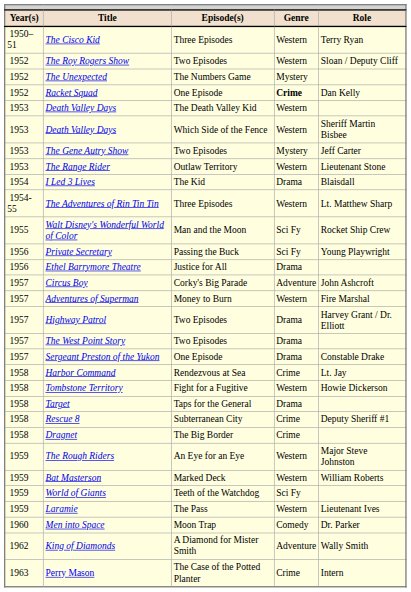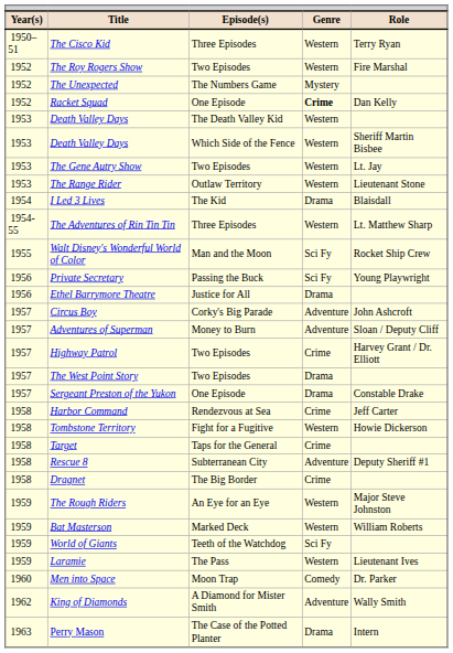 <table class="wikitable sortable mw-collapsible mw-collapsed" style="background:lightyellow; border:2px solid gray;font-size:90%">
 <tr>
 <th colspan="18" style="border:1px solid #808080;background:lightgrey;"></th>
 </tr>
 <tr>
 <th style="border-bottom:2px solid black;border-top:2px solid black;background:#F2E0CE">Year(s)</th>
 <th style="border-bottom:2px solid black;border-top:2px solid black;background:#F2E0CE" class="unsortable">Title</th>
 <th style="border-bottom:2px solid black;border-top:2px solid black;background:#F2E0CE" class="unsortable">Episode(s)</th>
 <th style="border-bottom:2px solid black;border-top:2px solid black;background:#F2E0CE">Genre</th>
 <th style="border-bottom:2px solid black;border-top:2px solid black;background:#F2E0CE" class="unsortable">Role</th>
 </tr>
 <tr>
 <td> 1950–51</td>
 <td><em><a href='#'>The Cisco Kid</a></em></td>
 <td>Three Episodes</td>
 <td>Western</td>
 <td>Terry Ryan</td>
 </tr>
 <tr>
 <td> 1952</td>
 <td><em><a href='#'>The Roy Rogers Show</a></em></td>
 <td>Two Episodes</td>
 <td>Western</td>
-<td>Sloan / Deputy Cliff</td>
+<td>Fire Marshal</td>
 </tr>
 <tr>
 <td> 1952</td>
 <td><em><a href='#'>The Unexpected</a></em></td>
 <td>The Numbers Game</td>
 <td>Mystery</td>
 <td></td>
 </tr>
 <tr>
 <td> 1952</td>
 <td><em><a href='#'>Racket Squad</a></em></td>
 <td>One Episode</td>
 <td><strong>Crime</strong></td>
 <td>Dan Kelly</td>
 </tr>
 <tr>
 <td> 1953</td>
 <td><em><a href='#'>Death Valley Days</a></em></td>
 <td>The Death Valley Kid</td>
 <td>Western</td>
 <td></td>
 </tr>
 <tr>
 <td> 1953</td>
 <td><em><a href='#'>Death Valley Days</a></em></td>
 <td>Which Side of the Fence</td>
 <td>Western</td>
 <td>Sheriff Martin Bisbee</td>
 </tr>
 <tr>
 <td> 1953</td>
 <td><em><a href='#'>The Gene Autry Show</a></em></td>
 <td>Two Episodes</td>
-<td>Mystery</td>
-<td>Jeff Carter</td>
+<td>Western</td>
+<td>Lt. Jay</td>
 </tr>
 <tr>
 <td> 1953</td>
 <td><em><a href='#'>The Range Rider</a></em></td>
 <td>Outlaw Territory</td>
 <td>Western</td>
 <td>Lieutenant Stone</td>
 </tr>
 <tr>
 <td> 1954</td>
 <td><em><a href='#'>I Led 3 Lives</a></em></td>
 <td>The Kid</td>
 <td>Drama</td>
 <td>Blaisdall</td>
 </tr>
 <tr>
 <td> 1954-55</td>
 <td><em><a href='#'>The Adventures of Rin Tin Tin</a></em></td>
 <td>Three Episodes</td>
 <td>Western</td>
 <td>Lt. Matthew Sharp</td>
 </tr>
 <tr>
 <td> 1955</td>
 <td><em><a href='#'>Walt Disney's Wonderful World of Color</a></em></td>
 <td>Man and the Moon</td>
 <td>Sci Fy</td>
 <td>Rocket Ship Crew</td>
 </tr>
 <tr>
 <td> 1956</td>
 <td><em><a href='#'>Private Secretary</a></em></td>
 <td>Passing the Buck</td>
 <td>Sci Fy</td>
 <td>Young Playwright</td>
 </tr>
 <tr>
 <td> 1956</td>
 <td><em><a href='#'>Ethel Barrymore Theatre</a></em></td>
 <td>Justice for All</td>
 <td>Drama</td>
 <td></td>
 </tr>
 <tr>
 <td> 1957</td>
 <td><em><a href='#'>Circus Boy</a></em></td>
 <td>Corky's Big Parade</td>
 <td>Adventure</td>
 <td>John Ashcroft</td>
 </tr>
 <tr>
 <td> 1957</td>
 <td><em><a href='#'>Adventures of Superman</a></em></td>
 <td>Money to Burn</td>
-<td>Western</td>
-<td>Fire Marshal</td>
+<td>Adventure</td>
+<td>Sloan / Deputy Cliff</td>
 </tr>
 <tr>
 <td> 1957</td>
 <td><em><a href='#'>Highway Patrol</a></em></td>
 <td>Two Episodes</td>
-<td>Drama</td>
+<td>Crime</td>
 <td>Harvey Grant / Dr. Elliott</td>
 </tr>
 <tr>
 <td> 1957</td>
 <td><em><a href='#'>The West Point Story</a></em></td>
 <td>Two Episodes</td>
 <td>Drama</td>
 <td></td>
 </tr>
 <tr>
 <td> 1957</td>
 <td><em><a href='#'>Sergeant Preston of the Yukon</a></em></td>
 <td>One Episode</td>
 <td>Drama</td>
 <td>Constable Drake</td>
 </tr>
 <tr>
 <td> 1958</td>
 <td><em><a href='#'>Harbor Command</a></em></td>
 <td>Rendezvous at Sea</td>
 <td>Crime</td>
-<td>Lt. Jay</td>
+<td>Jeff Carter</td>
 </tr>
 <tr>
 <td> 1958</td>
 <td><em><a href='#'>Tombstone Territory</a></em></td>
 <td>Fight for a Fugitive</td>
 <td>Western</td>
 <td>Howie Dickerson</td>
 </tr>
 <tr>
 <td> 1958</td>
 <td><em><a href='#'>Target</a></em></td>
 <td>Taps for the General</td>
-<td>Drama</td>
+<td>Crime</td>
 <td></td>
 </tr>
 <tr>
 <td> 1958</td>
 <td><em><a href='#'>Rescue 8</a></em></td>
 <td>Subterranean City</td>
-<td>Crime</td>
+<td>Adventure</td>
 <td>Deputy Sheriff #1</td>
 </tr>
 <tr>
 <td> 1958</td>
 <td><em><a href='#'>Dragnet</a></em></td>
 <td>The Big Border</td>
 <td>Crime</td>
 <td></td>
 </tr>
 <tr>
 <td> 1959</td>
 <td><em><a href='#'>The Rough Riders</a></em></td>
 <td>An Eye for an Eye</td>
 <td>Western</td>
 <td>Major Steve Johnston</td>
 </tr>
 <tr>
 <td> 1959</td>
 <td><em><a href='#'>Bat Masterson</a></em></td>
 <td>Marked Deck</td>
 <td>Western</td>
 <td>William Roberts</td>
 </tr>
 <tr>
 <td> 1959</td>
 <td><em><a href='#'>World of Giants</a></em></td>
 <td>Teeth of the Watchdog</td>
 <td>Sci Fy</td>
 <td></td>
 </tr>
 <tr>
 <td> 1959</td>
 <td><em><a href='#'>Laramie</a></em></td>
 <td>The Pass</td>
 <td>Western</td>
 <td>Lieutenant Ives</td>
 </tr>
 <tr>
 <td> 1960</td>
 <td><em><a href='#'>Men into Space</a></em></td>
 <td>Moon Trap</td>
 <td>Comedy</td>
 <td>Dr. Parker</td>
 </tr>
 <tr>
 <td> 1962</td>
 <td><em><a href='#'>King of Diamonds</a></em></td>
 <td>A Diamond for Mister Smith</td>
 <td>Adventure</td>
 <td>Wally Smith</td>
 </tr>
 <tr>
 <td> 1963</td>
 <td><a href='#'>Perry Mason</a></td>
 <td>The Case of the Potted Planter</td>
-<td>Crime</td>
+<td>Drama</td>
 <td>Intern</td>
 </tr>
 <tr>
 </tr>
 </table>
